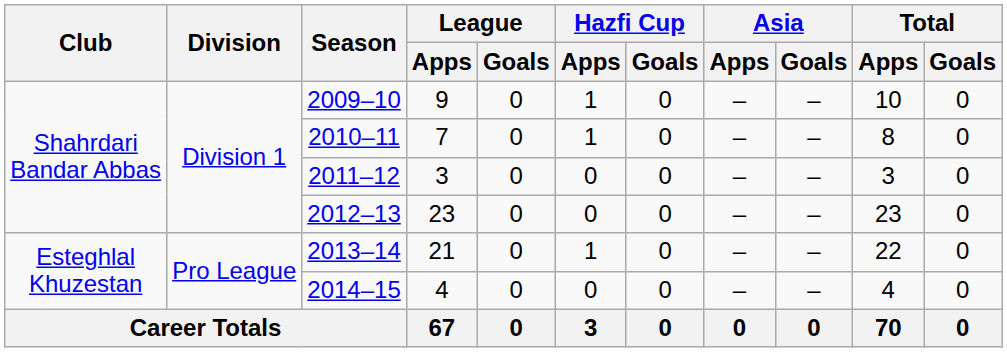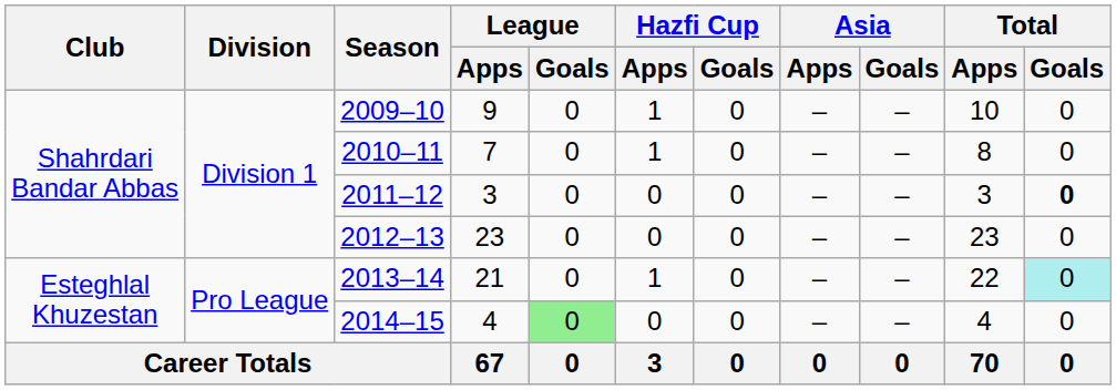 <table class="wikitable" style="text-align: center;">
 <tr>
 <th rowspan="2">Club</th>
 <th rowspan="2">Division</th>
 <th rowspan="2">Season</th>
 <th colspan="2">League</th>
 <th colspan="2"><a href='#'>Hazfi Cup</a></th>
 <th colspan="2"><a href='#'>Asia</a></th>
 <th colspan="2">Total</th>
 </tr>
 <tr>
 <th>Apps</th>
 <th>Goals</th>
 <th>Apps</th>
 <th>Goals</th>
 <th>Apps</th>
 <th>Goals</th>
 <th>Apps</th>
 <th>Goals</th>
 </tr>
 <tr>
 <td rowspan="4"><a href='#'>Shahrdari<br>Bandar Abbas</a></td>
 <td rowspan="4"><a href='#'>Division 1</a></td>
 <td><a href='#'>2009–10</a></td>
 <td>9</td>
 <td>0</td>
 <td>1</td>
 <td>0</td>
 <td>–</td>
 <td>–</td>
 <td>10</td>
 <td>0</td>
 </tr>
 <tr>
 <td><a href='#'>2010–11</a></td>
 <td>7</td>
 <td>0</td>
 <td>1</td>
 <td>0</td>
 <td>–</td>
 <td>–</td>
 <td>8</td>
 <td>0</td>
 </tr>
 <tr>
 <td><a href='#'>2011–12</a></td>
 <td>3</td>
 <td>0</td>
 <td>0</td>
 <td>0</td>
 <td>–</td>
 <td>–</td>
 <td>3</td>
-<td>0</td>
+<td><strong>0</strong></td>
 </tr>
 <tr>
 <td><a href='#'>2012–13</a></td>
 <td>23</td>
 <td>0</td>
 <td>0</td>
 <td>0</td>
 <td>–</td>
 <td>–</td>
 <td>23</td>
 <td>0</td>
 </tr>
 <tr>
 <td rowspan="2"><a href='#'>Esteghlal<br>Khuzestan</a></td>
 <td rowspan="2"><a href='#'>Pro League</a></td>
 <td><a href='#'>2013–14</a></td>
 <td>21</td>
 <td>0</td>
 <td>1</td>
 <td>0</td>
 <td>–</td>
 <td>–</td>
 <td>22</td>
-<td>0</td>
+<td style="background: paleturquoise;">0</td>
 </tr>
 <tr>
 <td><a href='#'>2014–15</a></td>
 <td>4</td>
-<td>0</td>
+<td style="background: lightgreen;">0</td>
 <td>0</td>
 <td>0</td>
 <td>–</td>
 <td>–</td>
 <td>4</td>
 <td>0</td>
 </tr>
 <tr>
 <th colspan=3>Career Totals</th>
 <th>67</th>
 <th>0</th>
 <th>3</th>
 <th>0</th>
 <th>0</th>
 <th>0</th>
 <th>70</th>
 <th>0</th>
 </tr>
 </table>
